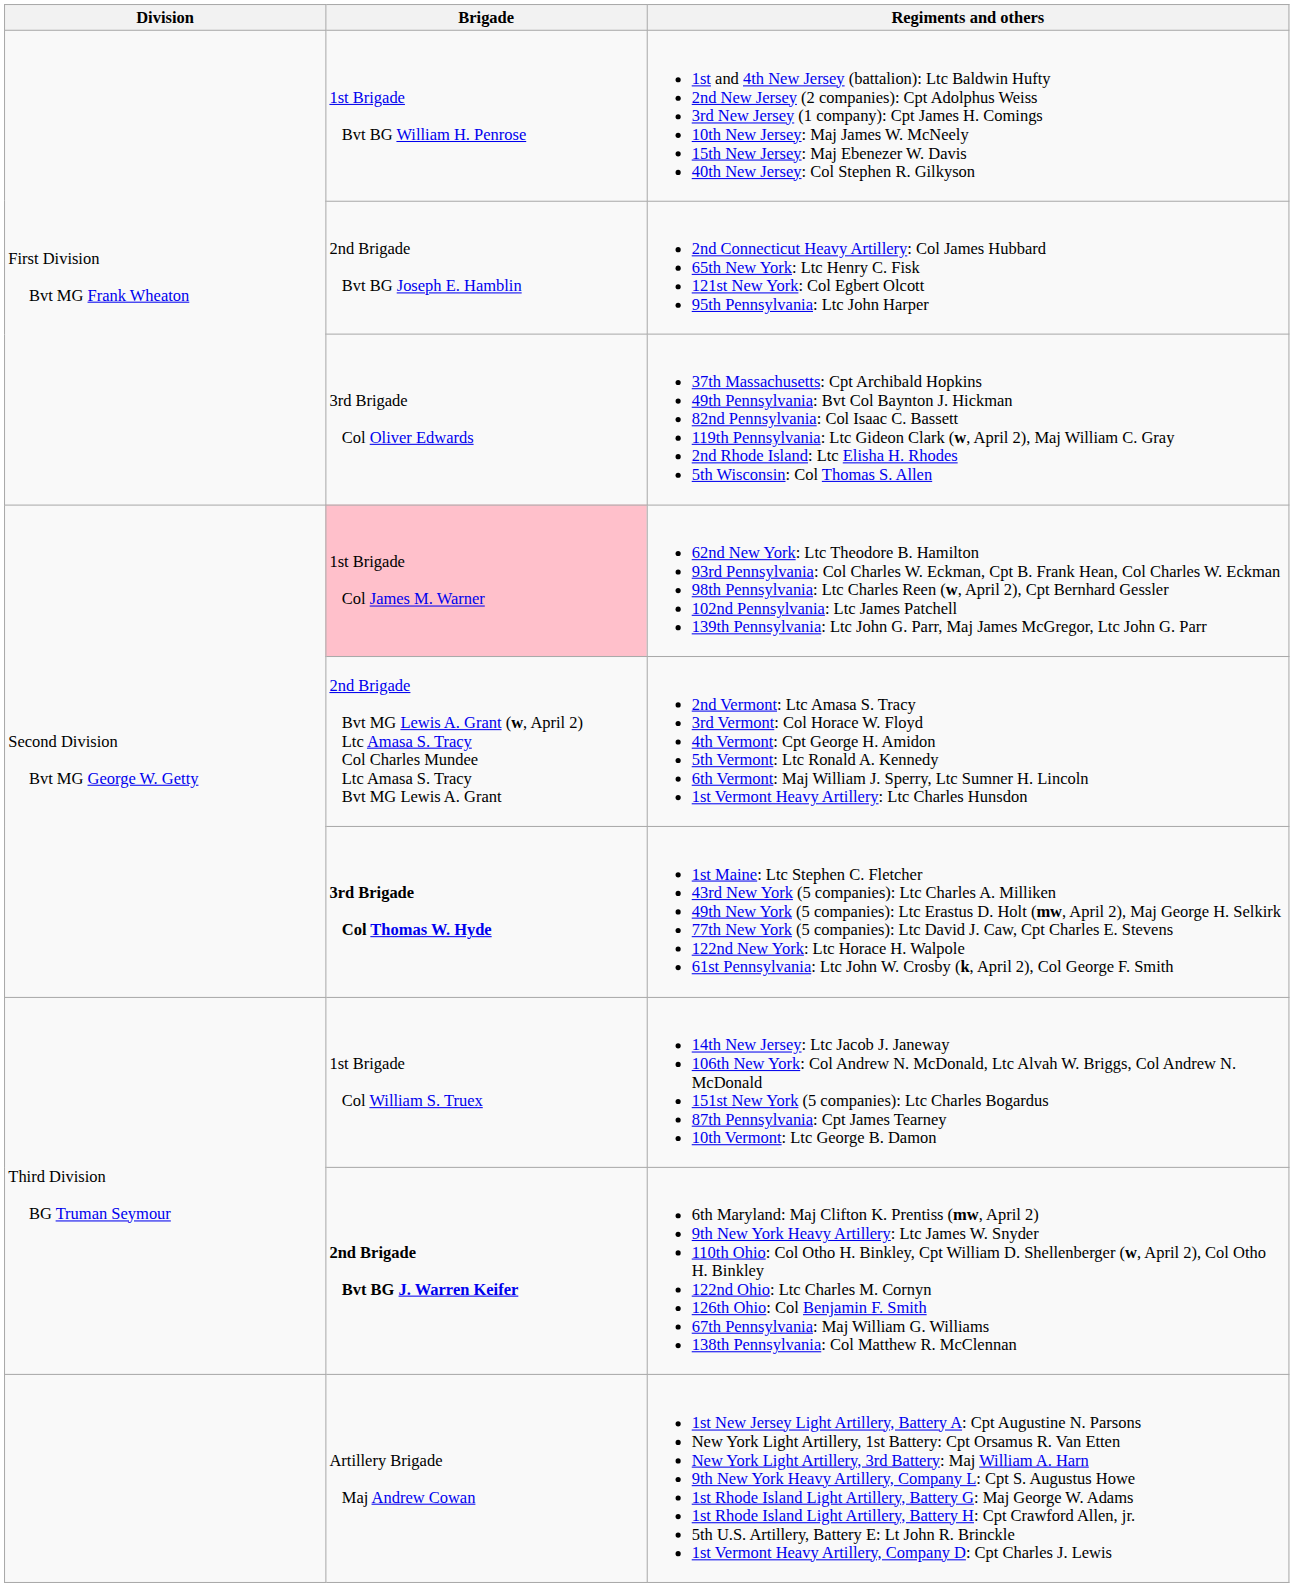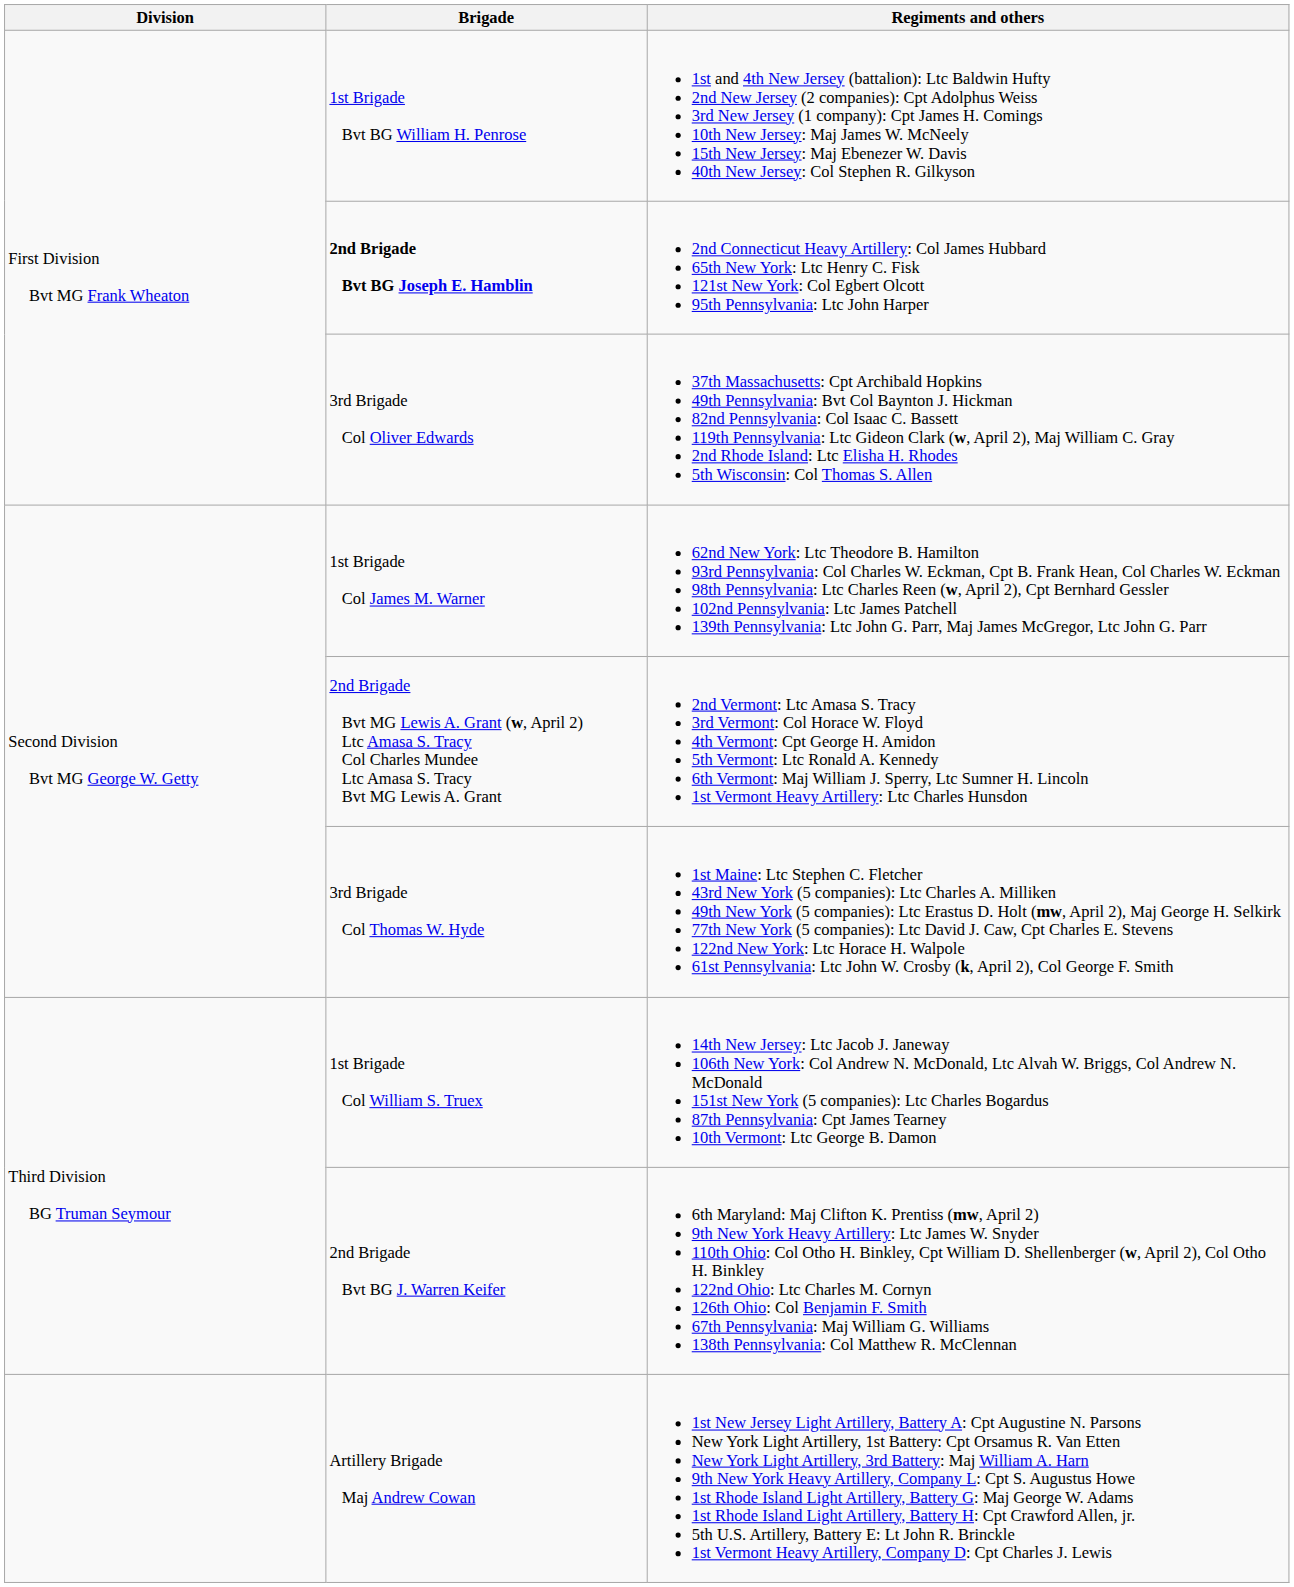 <table class="wikitable">
 <tr>
 <th style="width:25%;">Division</th>
 <th style="width:25%;">Brigade</th>
 <th>Regiments and others</th>
 </tr>
 <tr>
 <td rowspan=3><br>First Division<br><br>     Bvt MG <a href='#'>Frank Wheaton</a> </td>
 <td><a href='#'>1st Brigade</a><br><br>   Bvt BG <a href='#'>William H. Penrose</a></td>
 <td><br><ul><li><a href='#'>1st</a> and <a href='#'>4th New Jersey</a> (battalion): Ltc Baldwin Hufty</li><li><a href='#'>2nd New Jersey</a> (2 companies): Cpt Adolphus Weiss</li><li><a href='#'>3rd New Jersey</a> (1 company): Cpt James H. Comings</li><li><a href='#'>10th New Jersey</a>: Maj James W. McNeely</li><li><a href='#'>15th New Jersey</a>: Maj Ebenezer W. Davis</li><li><a href='#'>40th New Jersey</a>: Col Stephen R. Gilkyson</li></ul></td>
 </tr>
 <tr>
-<td>2nd Brigade<br><br>   Bvt BG <a href='#'>Joseph E. Hamblin</a></td>
+<td><strong>2nd Brigade<br><br>   Bvt BG <a href='#'>Joseph E. Hamblin</a></strong></td>
 <td><br><ul><li><a href='#'>2nd Connecticut Heavy Artillery</a>: Col James Hubbard</li><li><a href='#'>65th New York</a>: Ltc Henry C. Fisk</li><li><a href='#'>121st New York</a>: Col Egbert Olcott</li><li><a href='#'>95th Pennsylvania</a>: Ltc John Harper</li></ul></td>
 </tr>
 <tr>
 <td>3rd Brigade<br><br>   Col <a href='#'>Oliver Edwards</a></td>
 <td><br><ul><li><a href='#'>37th Massachusetts</a>: Cpt Archibald Hopkins</li><li><a href='#'>49th Pennsylvania</a>: Bvt Col Baynton J. Hickman</li><li><a href='#'>82nd Pennsylvania</a>: Col Isaac C. Bassett</li><li><a href='#'>119th Pennsylvania</a>: Ltc Gideon Clark (<strong>w</strong>, April 2), Maj William C. Gray</li><li><a href='#'>2nd Rhode Island</a>: Ltc <a href='#'>Elisha H. Rhodes</a></li><li><a href='#'>5th Wisconsin</a>: Col <a href='#'>Thomas S. Allen</a></li></ul></td>
 </tr>
 <tr>
 <td rowspan=3><br>Second Division<br><br>     Bvt MG <a href='#'>George W. Getty</a> </td>
-<td style="background: pink;">1st Brigade<br><br>   Col <a href='#'>James M. Warner</a></td>
+<td>1st Brigade<br><br>   Col <a href='#'>James M. Warner</a></td>
 <td><br><ul><li><a href='#'>62nd New York</a>: Ltc Theodore B. Hamilton</li><li><a href='#'>93rd Pennsylvania</a>: Col Charles W. Eckman, Cpt B. Frank Hean, Col Charles W. Eckman</li><li><a href='#'>98th Pennsylvania</a>: Ltc Charles Reen (<strong>w</strong>, April 2), Cpt Bernhard Gessler</li><li><a href='#'>102nd Pennsylvania</a>: Ltc James Patchell</li><li><a href='#'>139th Pennsylvania</a>: Ltc John G. Parr, Maj James McGregor, Ltc John G. Parr</li></ul></td>
 </tr>
 <tr>
 <td><a href='#'>2nd Brigade</a><br><br>   Bvt MG <a href='#'>Lewis A. Grant</a> (<strong>w</strong>, April 2) <br>   Ltc <a href='#'>Amasa S. Tracy</a> <br>   Col Charles Mundee <br>   Ltc Amasa S. Tracy <br>   Bvt MG Lewis A. Grant</td>
 <td><br><ul><li><a href='#'>2nd Vermont</a>: Ltc Amasa S. Tracy</li><li><a href='#'>3rd Vermont</a>: Col Horace W. Floyd</li><li><a href='#'>4th Vermont</a>: Cpt George H. Amidon</li><li><a href='#'>5th Vermont</a>: Ltc Ronald A. Kennedy</li><li><a href='#'>6th Vermont</a>: Maj William J. Sperry, Ltc Sumner H. Lincoln</li><li><a href='#'>1st Vermont Heavy Artillery</a>: Ltc Charles Hunsdon</li></ul></td>
 </tr>
 <tr>
-<td><strong>3rd Brigade<br><br>   Col <a href='#'>Thomas W. Hyde</a></strong></td>
+<td>3rd Brigade<br><br>   Col <a href='#'>Thomas W. Hyde</a></td>
 <td><br><ul><li><a href='#'>1st Maine</a>: Ltc Stephen C. Fletcher</li><li><a href='#'>43rd New York</a> (5 companies): Ltc Charles A. Milliken</li><li><a href='#'>49th New York</a> (5 companies): Ltc Erastus D. Holt (<strong>mw</strong>, April 2), Maj George H. Selkirk</li><li><a href='#'>77th New York</a> (5 companies): Ltc David J. Caw, Cpt Charles E. Stevens</li><li><a href='#'>122nd New York</a>: Ltc Horace H. Walpole</li><li><a href='#'>61st Pennsylvania</a>: Ltc John W. Crosby (<strong>k</strong>, April 2), Col George F. Smith</li></ul></td>
 </tr>
 <tr>
 <td rowspan=2><br>Third Division<br><br>     BG <a href='#'>Truman Seymour</a> </td>
 <td>1st Brigade<br><br>   Col <a href='#'>William S. Truex</a></td>
 <td><br><ul><li><a href='#'>14th New Jersey</a>: Ltc Jacob J. Janeway</li><li><a href='#'>106th New York</a>: Col Andrew N. McDonald, Ltc Alvah W. Briggs, Col Andrew N. McDonald</li><li><a href='#'>151st New York</a> (5 companies): Ltc Charles Bogardus</li><li><a href='#'>87th Pennsylvania</a>: Cpt James Tearney</li><li><a href='#'>10th Vermont</a>: Ltc George B. Damon</li></ul></td>
 </tr>
 <tr>
-<td><strong>2nd Brigade<br><br>   Bvt BG <a href='#'>J. Warren Keifer</a></strong></td>
+<td>2nd Brigade<br><br>   Bvt BG <a href='#'>J. Warren Keifer</a></td>
 <td><br><ul><li>6th Maryland: Maj Clifton K. Prentiss (<strong>mw</strong>, April 2)</li><li><a href='#'>9th New York Heavy Artillery</a>: Ltc James W. Snyder</li><li><a href='#'>110th Ohio</a>: Col Otho H. Binkley, Cpt William D. Shellenberger (<strong>w</strong>, April 2), Col Otho H. Binkley</li><li><a href='#'>122nd Ohio</a>: Ltc Charles M. Cornyn</li><li><a href='#'>126th Ohio</a>: Col <a href='#'>Benjamin F. Smith</a></li><li><a href='#'>67th Pennsylvania</a>: Maj William G. Williams</li><li><a href='#'>138th Pennsylvania</a>: Col Matthew R. McClennan</li></ul></td>
 </tr>
 <tr>
 <td></td>
 <td>Artillery Brigade<br><br>   Maj <a href='#'>Andrew Cowan</a></td>
 <td><br><ul><li><a href='#'>1st New Jersey Light Artillery, Battery A</a>: Cpt Augustine N. Parsons</li><li>New York Light Artillery, 1st Battery: Cpt Orsamus R. Van Etten</li><li><a href='#'>New York Light Artillery, 3rd Battery</a>: Maj <a href='#'>William A. Harn</a></li><li><a href='#'>9th New York Heavy Artillery, Company L</a>: Cpt S. Augustus Howe</li><li><a href='#'>1st Rhode Island Light Artillery, Battery G</a>: Maj George W. Adams</li><li><a href='#'>1st Rhode Island Light Artillery, Battery H</a>: Cpt Crawford Allen, jr.</li><li>5th U.S. Artillery, Battery E: Lt John R. Brinckle</li><li><a href='#'>1st Vermont Heavy Artillery, Company D</a>: Cpt Charles J. Lewis</li></ul></td>
 </tr>
 </table>
